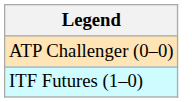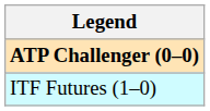 <table class=wikitable style=font-size:90%>
 <tr>
 <th>Legend</th>
 </tr>
 <tr style="background:moccasin;">
-<td>ATP Challenger (0–0)</td>
+<td><strong>ATP Challenger (0–0)</strong></td>
 </tr>
 <tr style="background:#cffcff;">
 <td>ITF Futures (1–0)</td>
 </tr>
 </table>
